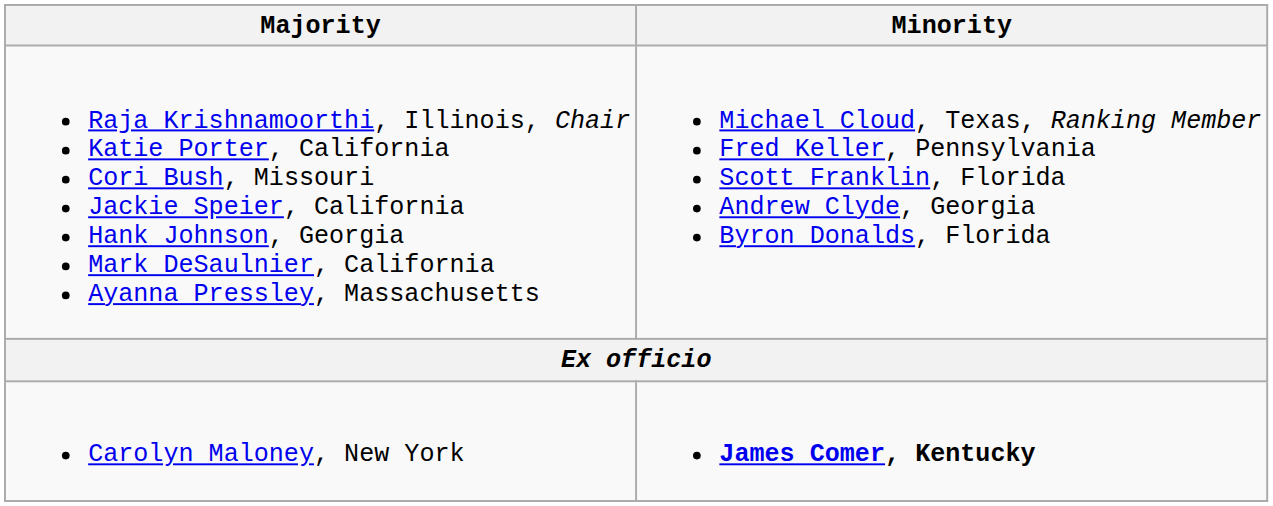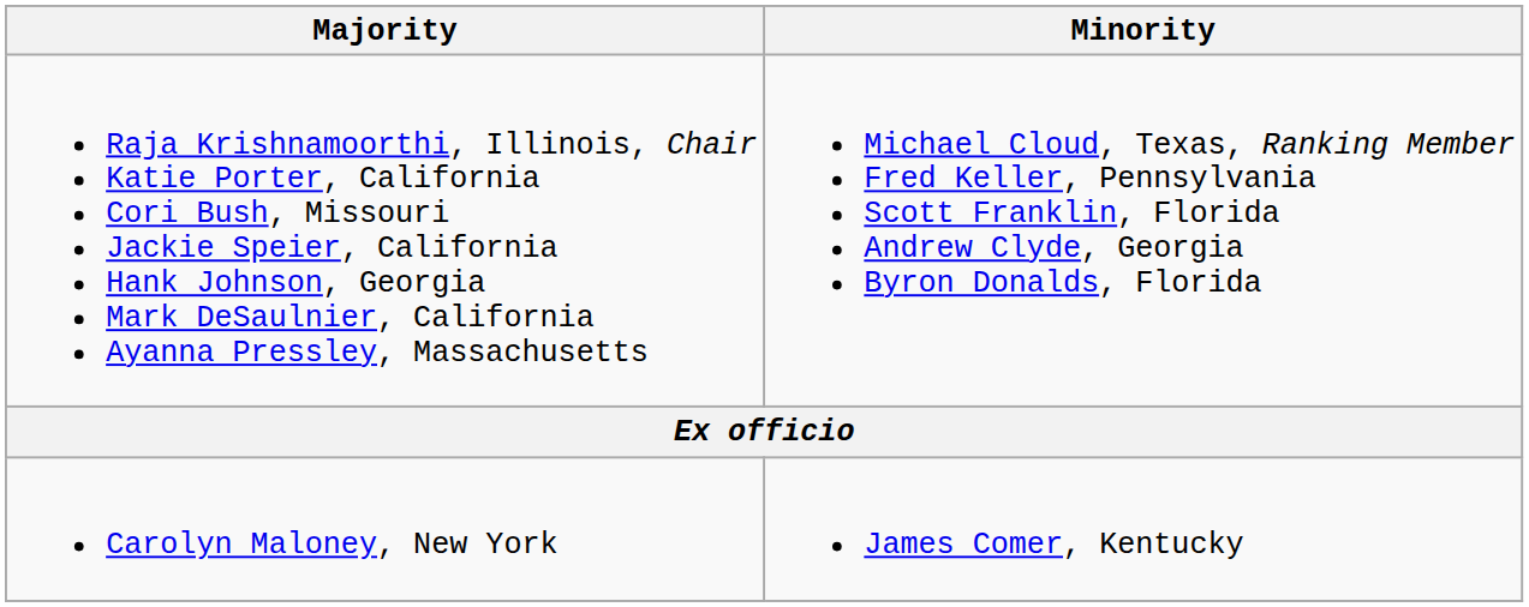 <table class=wikitable>
 <tr>
 <th>Majority</th>
 <th>Minority</th>
 </tr>
 <tr valign=top>
 <td><br><ul><li><a href='#'>Raja Krishnamoorthi</a>, Illinois, <em>Chair</em></li><li><a href='#'>Katie Porter</a>, California</li><li><a href='#'>Cori Bush</a>, Missouri</li><li><a href='#'>Jackie Speier</a>, California</li><li><a href='#'>Hank Johnson</a>, Georgia</li><li><a href='#'>Mark DeSaulnier</a>, California</li><li><a href='#'>Ayanna Pressley</a>, Massachusetts</li></ul></td>
 <td><br><ul><li><a href='#'>Michael Cloud</a>, Texas, <em>Ranking Member</em></li><li><a href='#'>Fred Keller</a>, Pennsylvania</li><li><a href='#'>Scott Franklin</a>, Florida</li><li><a href='#'>Andrew Clyde</a>, Georgia</li><li><a href='#'>Byron Donalds</a>, Florida</li></ul></td>
 </tr>
 <tr>
 <th colspan=2><em>Ex officio</em></th>
 </tr>
 <tr>
 <td><br><ul><li><a href='#'>Carolyn Maloney</a>, New York</li></ul></td>
-<td><strong><br><ul><li><a href='#'>James Comer</a>, Kentucky</li></ul></strong></td>
+<td><br><ul><li><a href='#'>James Comer</a>, Kentucky</li></ul></td>
 </tr>
 </table>
